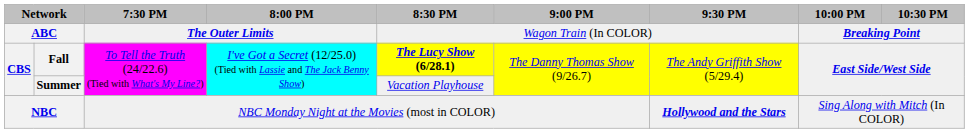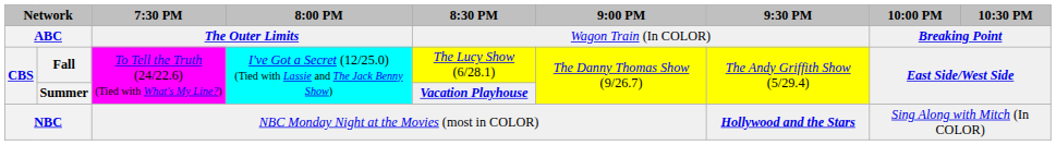 <table class="wikitable" style="width:100%;margin-right:0;text-align:center">
 <tr>
 <th colspan="2" style="background-color:#C0C0C0;text-align:center">Network</th>
 <th style="background-color:#C0C0C0;text-align:center">7:30 PM</th>
 <th style="background-color:#C0C0C0;text-align:center">8:00 PM</th>
 <th style="background-color:#C0C0C0;text-align:center">8:30 PM</th>
 <th style="background-color:#C0C0C0;text-align:center">9:00 PM</th>
 <th style="background-color:#C0C0C0;text-align:center">9:30 PM</th>
 <th style="background-color:#C0C0C0;text-align:center">10:00 PM</th>
 <th style="background-color:#C0C0C0;text-align:center">10:30 PM</th>
 </tr>
 <tr>
 <th bgcolor="#C0C0C0" colspan="2"><a href='#'>ABC</a></th>
 <td bgcolor="#F0F0F0" colspan="2"><strong><em><a href='#'>The Outer Limits</a></em></strong></td>
 <td bgcolor="#F0F0F0" colspan="3"><em><a href='#'>Wagon Train</a></em> (In <span>C</span><span>O</span><span>L</span><span>O</span><span>R</span>)</td>
 <td bgcolor="#F0F0F0" colspan="2"><strong><em><a href='#'>Breaking Point</a></em></strong></td>
 </tr>
 <tr>
 <th bgcolor="#C0C0C0" rowspan="2"><a href='#'>CBS</a></th>
 <th>Fall</th>
 <td bgcolor="#FF00FF" rowspan="2"><em><a href='#'>To Tell the Truth</a></em> (24/22.6)<br><small>(Tied with <em><a href='#'>What's My Line?</a></em>)</small></td>
 <td bgcolor="#00FFFF" rowspan="2"><em><a href='#'>I've Got a Secret</a></em> (12/25.0)<br><small>(Tied with <em><a href='#'>Lassie</a></em> and <em><a href='#'>The Jack Benny Show</a></em>)</small></td>
-<td bgcolor="#FFFF00"><strong><em><a href='#'>The Lucy Show</a></em> (6/28.1)</strong></td>
+<td bgcolor="#FFFF00"><em><a href='#'>The Lucy Show</a></em> (6/28.1)</td>
 <td bgcolor="#FFFF00" rowspan="2"><em><a href='#'>The Danny Thomas Show</a></em> (9/26.7)</td>
 <td bgcolor="#FFFF00" rowspan="2"><em><a href='#'>The Andy Griffith Show</a></em> (5/29.4)</td>
 <td bgcolor="#F0F0F0" colspan="2" rowspan="2"><strong><em><a href='#'>East Side/West Side</a></em></strong></td>
 </tr>
 <tr>
 <th>Summer</th>
-<td bgcolor="#F0F0F0"><em><a href='#'>Vacation Playhouse</a></em></td>
+<td bgcolor="#F0F0F0"><strong><em><a href='#'>Vacation Playhouse</a></em></strong></td>
 </tr>
 <tr>
 <th bgcolor="#C0C0C0" colspan="2"><a href='#'>NBC</a></th>
 <td bgcolor="#F0F0F0" colspan="4"><em><a href='#'>NBC Monday Night at the Movies</a></em> (most in <span>C</span><span>O</span><span>L</span><span>O</span><span>R</span>)</td>
 <td bgcolor="#F0F0F0"><strong><em><a href='#'>Hollywood and the Stars</a></em></strong></td>
 <td bgcolor="#F0F0F0" colspan="2"><em><a href='#'>Sing Along with Mitch</a></em> (In <span>C</span><span>O</span><span>L</span><span>O</span><span>R</span>)</td>
 </tr>
 </table>
